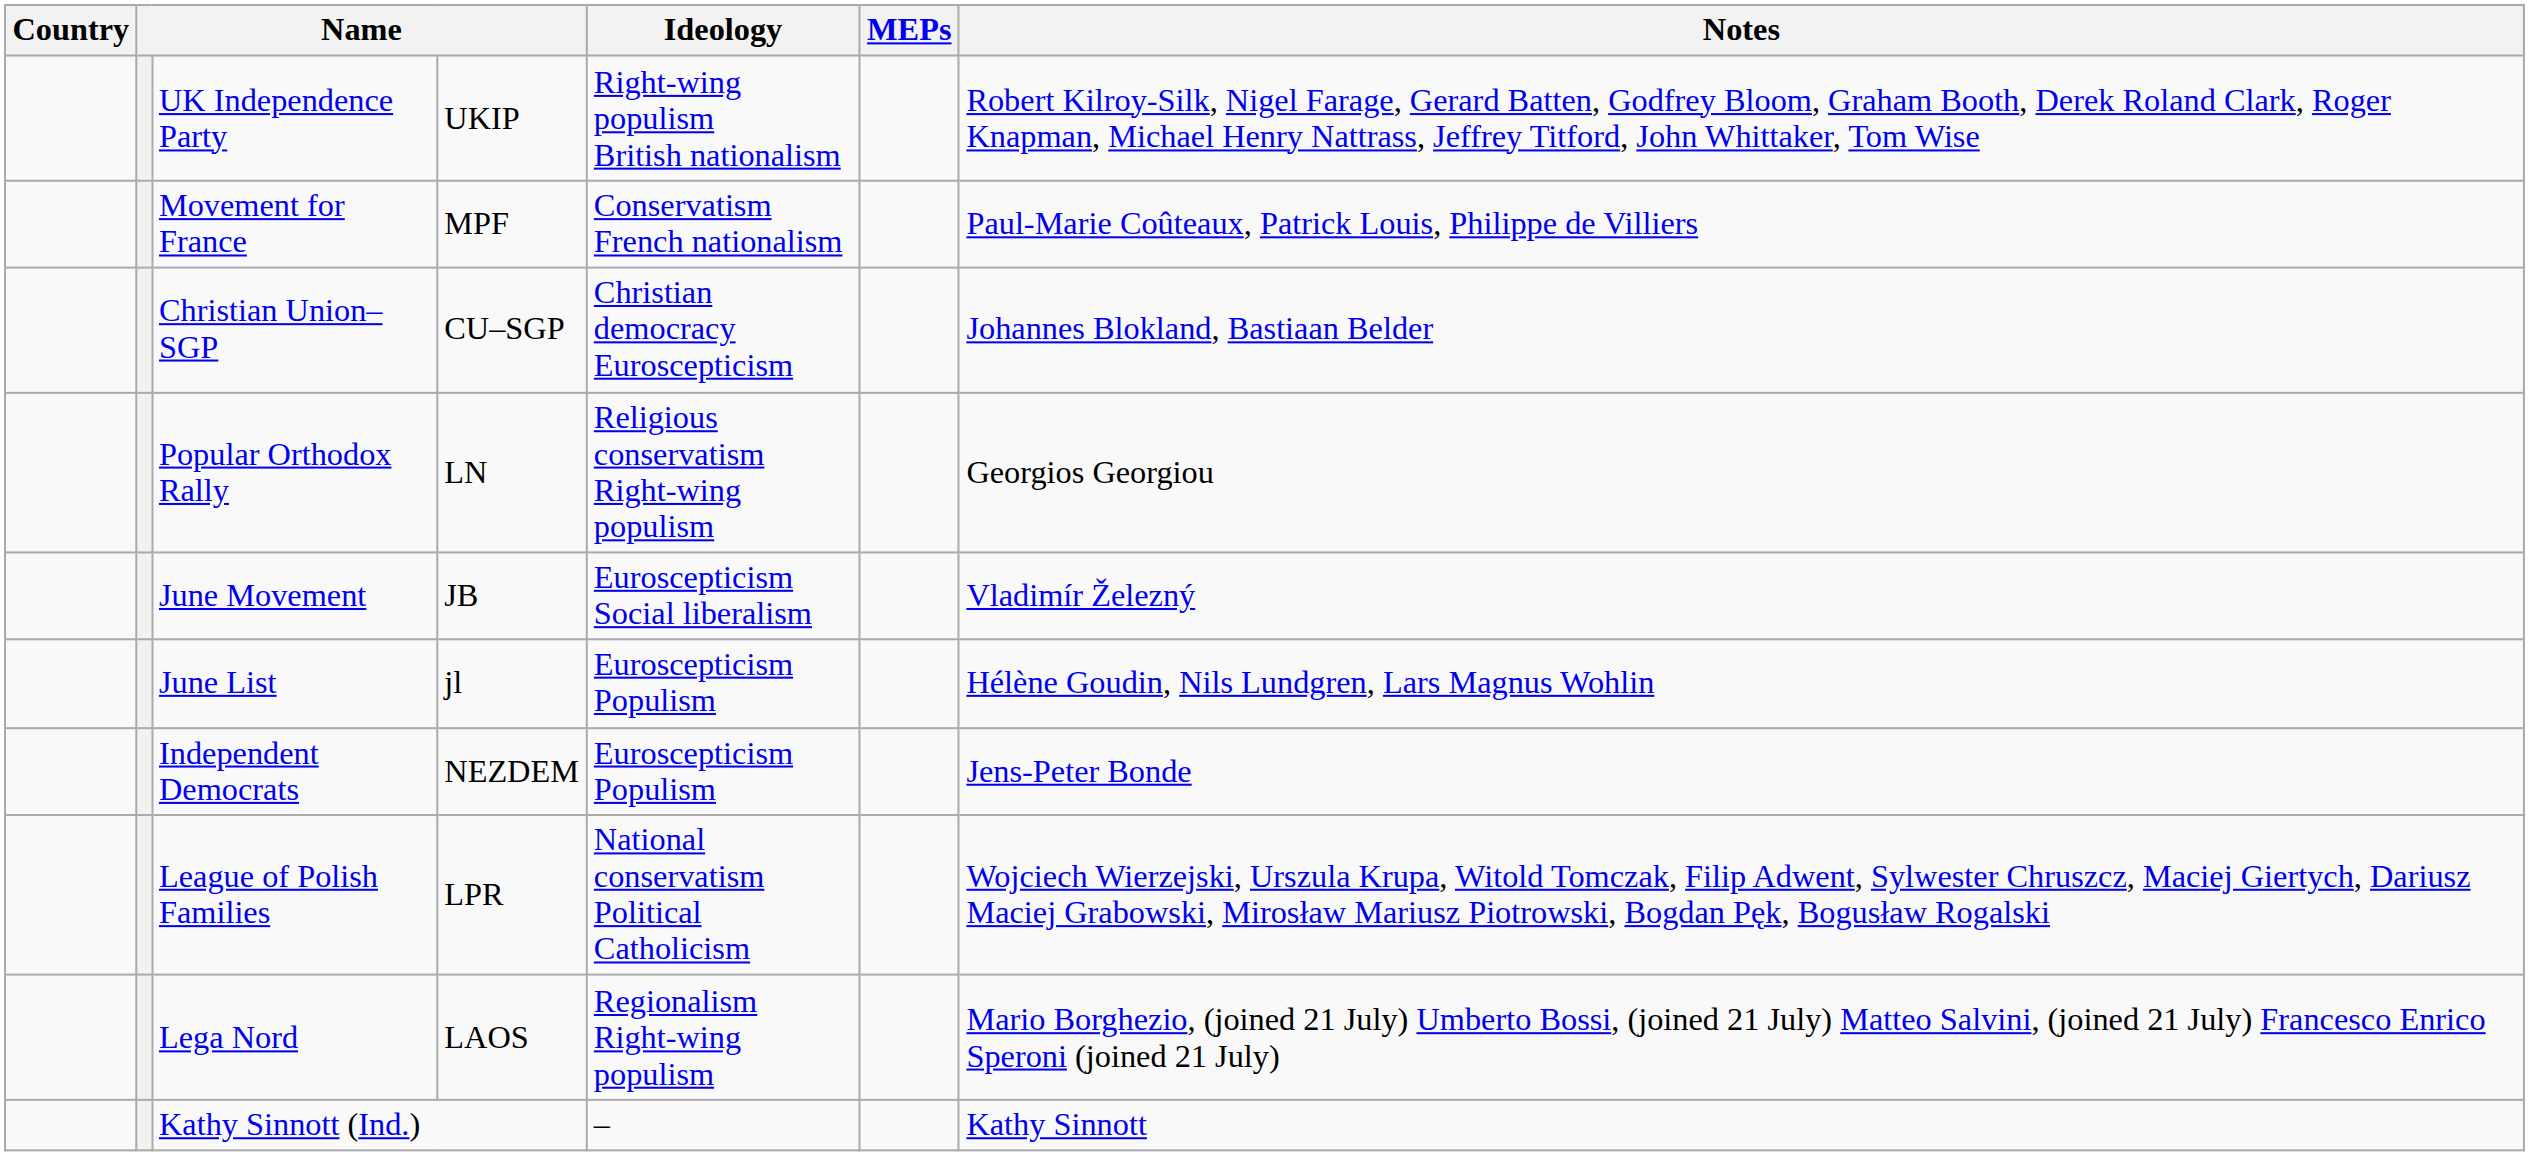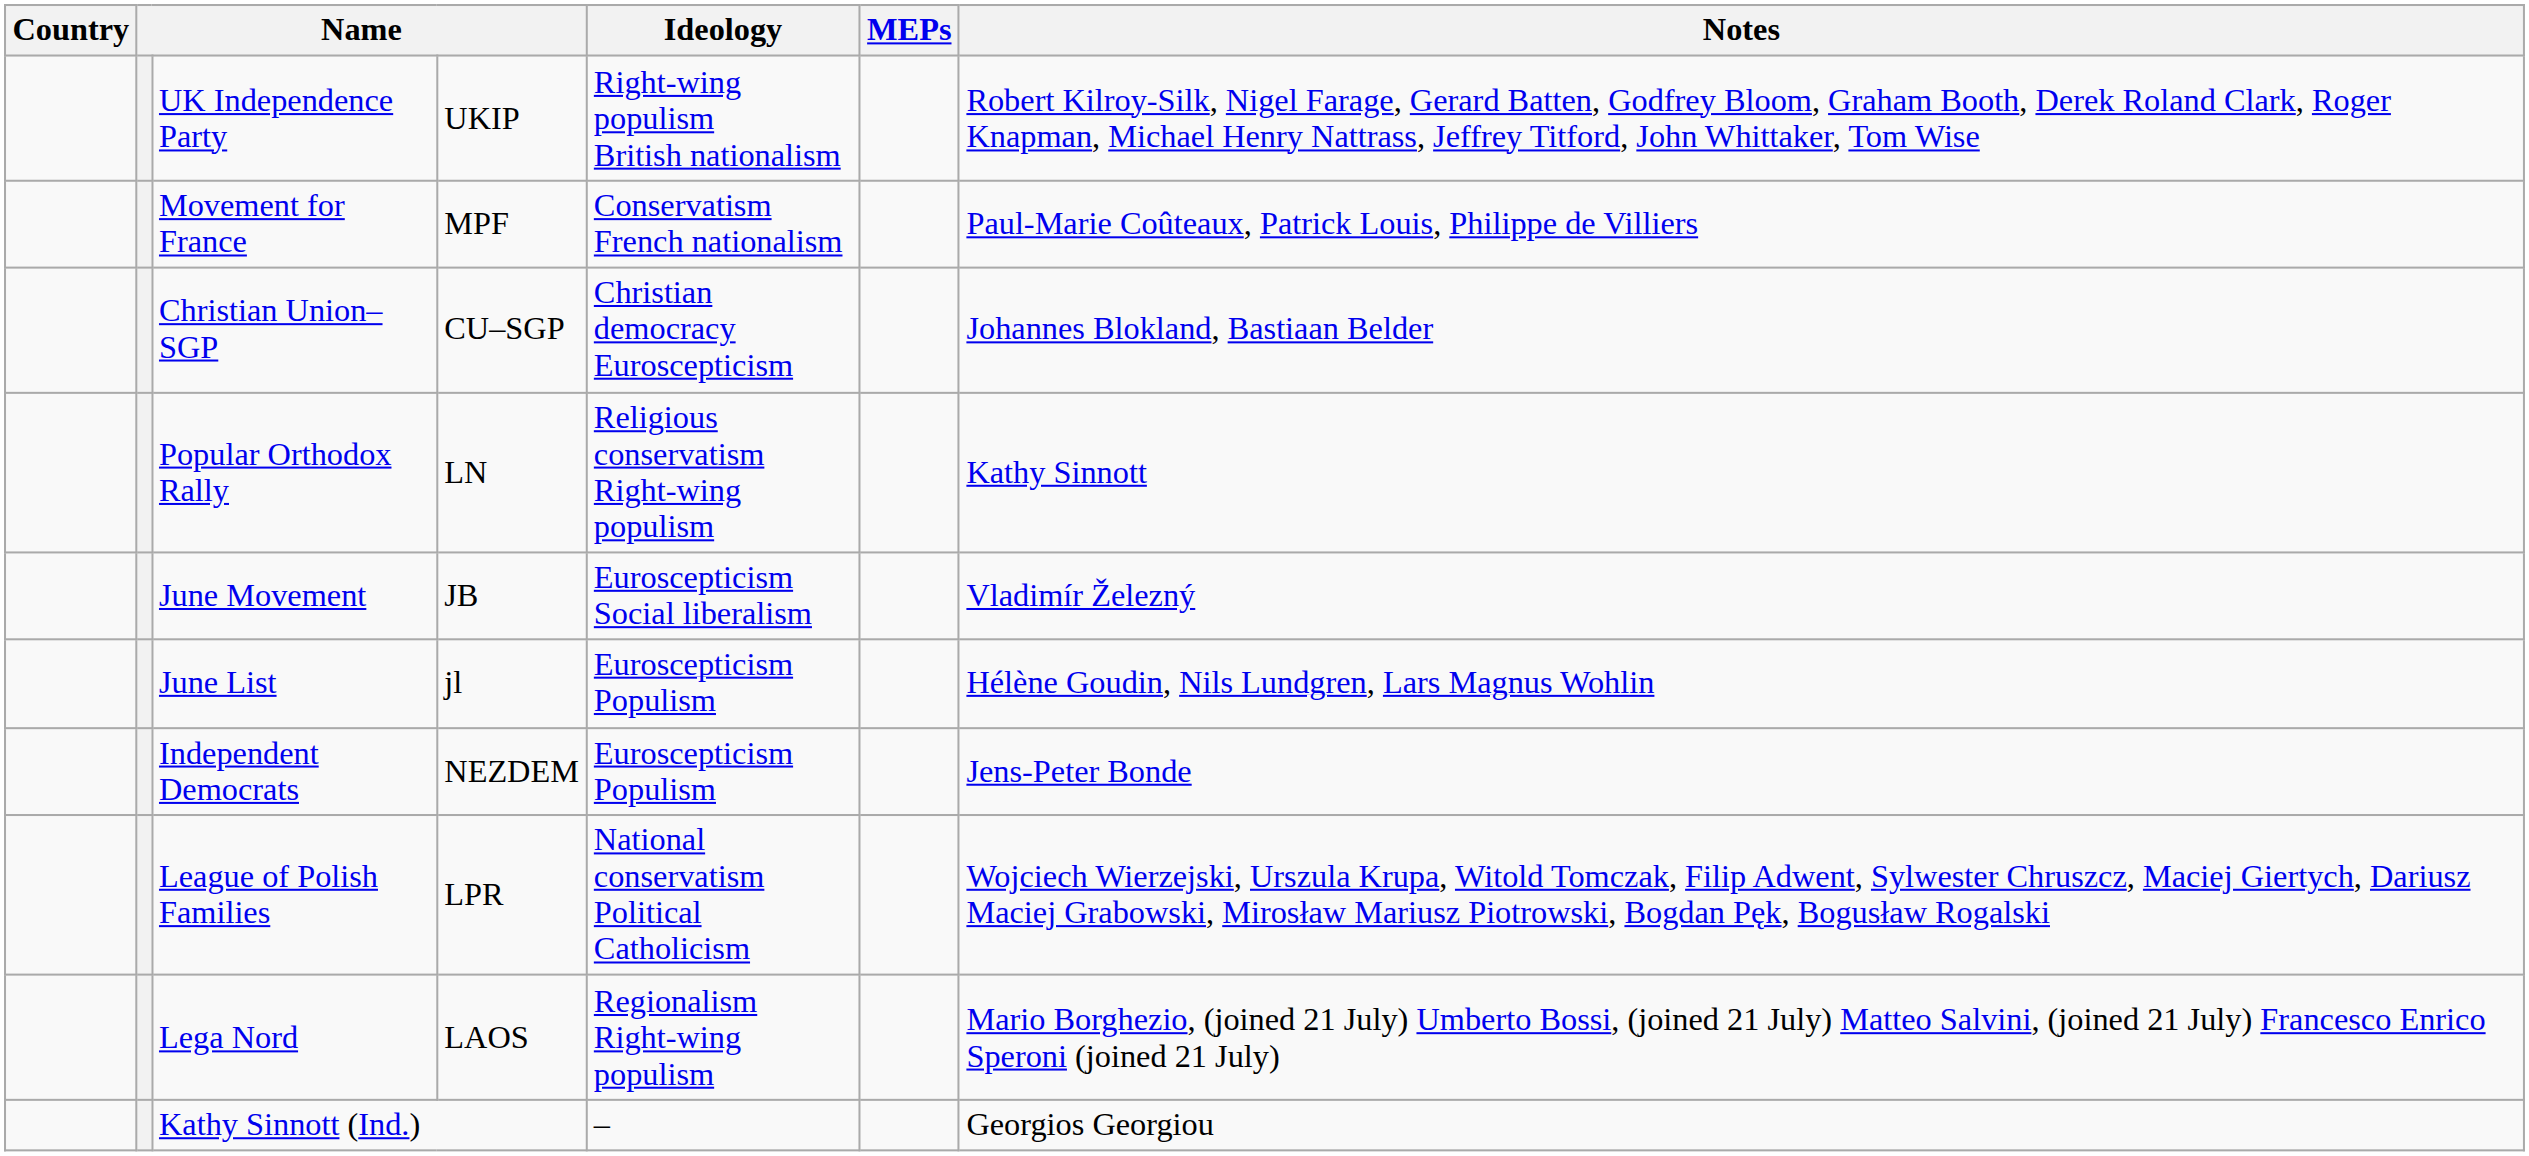 <table class="wikitable">
 <tr>
 <th>Country</th>
 <th colspan="3">Name</th>
 <th>Ideology</th>
 <th><a href='#'>MEPs</a></th>
 <th>Notes</th>
 </tr>
 <tr>
 <td></td>
 <th style="background:"></th>
 <td><a href='#'>UK Independence Party</a></td>
 <td>UKIP</td>
 <td><a href='#'>Right-wing populism</a><br><a href='#'>British nationalism</a></td>
 <td></td>
 <td><a href='#'>Robert Kilroy-Silk</a>, <a href='#'>Nigel Farage</a>, <a href='#'>Gerard Batten</a>, <a href='#'>Godfrey Bloom</a>, <a href='#'>Graham Booth</a>, <a href='#'>Derek Roland Clark</a>, <a href='#'>Roger Knapman</a>, <a href='#'>Michael Henry Nattrass</a>, <a href='#'>Jeffrey Titford</a>, <a href='#'>John Whittaker</a>, <a href='#'>Tom Wise</a></td>
 </tr>
 <tr>
 <td></td>
 <th style="background:"></th>
 <td><a href='#'>Movement for France</a></td>
 <td>MPF</td>
 <td><a href='#'>Conservatism</a><br><a href='#'>French nationalism</a></td>
 <td></td>
 <td><a href='#'>Paul-Marie Coûteaux</a>, <a href='#'>Patrick Louis</a>, <a href='#'>Philippe de Villiers</a></td>
 </tr>
 <tr>
 <td></td>
 <th style="background:"></th>
 <td><a href='#'>Christian Union–SGP</a></td>
 <td>CU–SGP</td>
 <td><a href='#'>Christian democracy</a><br><a href='#'>Euroscepticism</a></td>
 <td></td>
 <td><a href='#'>Johannes Blokland</a>, <a href='#'>Bastiaan Belder</a></td>
 </tr>
 <tr>
 <td></td>
 <th style="background:"></th>
 <td><a href='#'>Popular Orthodox Rally</a></td>
 <td>LN</td>
 <td><a href='#'>Religious conservatism</a><br><a href='#'>Right-wing populism</a></td>
 <td></td>
-<td>Georgios Georgiou</td>
+<td><a href='#'>Kathy Sinnott</a></td>
 </tr>
 <tr>
 <td></td>
 <th style="background:"></th>
 <td><a href='#'>June Movement</a></td>
 <td>JB</td>
 <td><a href='#'>Euroscepticism</a><br><a href='#'>Social liberalism</a></td>
 <td></td>
 <td><a href='#'>Vladimír Železný</a></td>
 </tr>
 <tr>
 <td></td>
 <th style="background:"></th>
 <td><a href='#'>June List</a></td>
 <td>jl</td>
 <td><a href='#'>Euroscepticism</a><br><a href='#'>Populism</a></td>
 <td></td>
 <td><a href='#'>Hélène Goudin</a>, <a href='#'>Nils Lundgren</a>, <a href='#'>Lars Magnus Wohlin</a></td>
 </tr>
 <tr>
 <td></td>
 <th style="background:"></th>
 <td><a href='#'>Independent Democrats</a></td>
 <td>NEZDEM</td>
 <td><a href='#'>Euroscepticism</a><br><a href='#'>Populism</a></td>
 <td></td>
 <td><a href='#'>Jens-Peter Bonde</a></td>
 </tr>
 <tr>
 <td></td>
 <th style="background:"></th>
 <td><a href='#'>League of Polish Families</a></td>
 <td>LPR</td>
 <td><a href='#'>National conservatism</a><br><a href='#'>Political Catholicism</a></td>
 <td></td>
 <td><a href='#'>Wojciech Wierzejski</a>, <a href='#'>Urszula Krupa</a>, <a href='#'>Witold Tomczak</a>, <a href='#'>Filip Adwent</a>, <a href='#'>Sylwester Chruszcz</a>, <a href='#'>Maciej Giertych</a>, <a href='#'>Dariusz Maciej Grabowski</a>, <a href='#'>Mirosław Mariusz Piotrowski</a>, <a href='#'>Bogdan Pęk</a>, <a href='#'>Bogusław Rogalski</a></td>
 </tr>
 <tr>
 <td></td>
 <th style="background:"></th>
 <td><a href='#'>Lega Nord</a></td>
 <td>LAOS</td>
 <td><a href='#'>Regionalism</a><br><a href='#'>Right-wing populism</a></td>
 <td></td>
 <td><a href='#'>Mario Borghezio</a>, (joined 21 July) <a href='#'>Umberto Bossi</a>, (joined 21 July) <a href='#'>Matteo Salvini</a>, (joined 21 July) <a href='#'>Francesco Enrico Speroni</a> (joined 21 July)</td>
 </tr>
 <tr>
 <td></td>
 <th style="background:"></th>
 <td colspan="2"><a href='#'>Kathy Sinnott</a> (<a href='#'>Ind.</a>)</td>
 <td>–</td>
 <td></td>
-<td><a href='#'>Kathy Sinnott</a></td>
+<td>Georgios Georgiou</td>
 </tr>
 </table>
